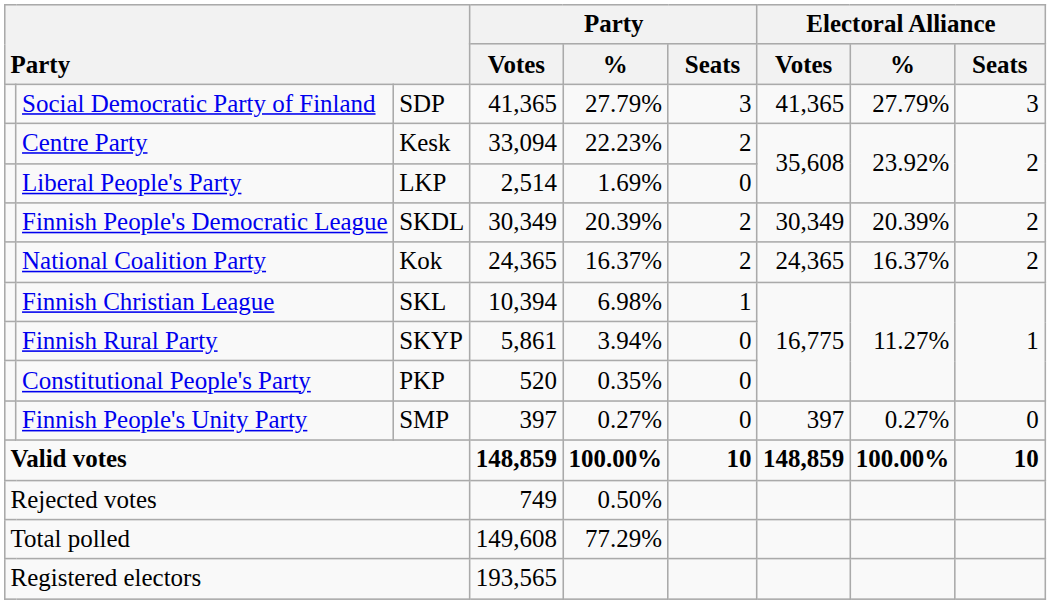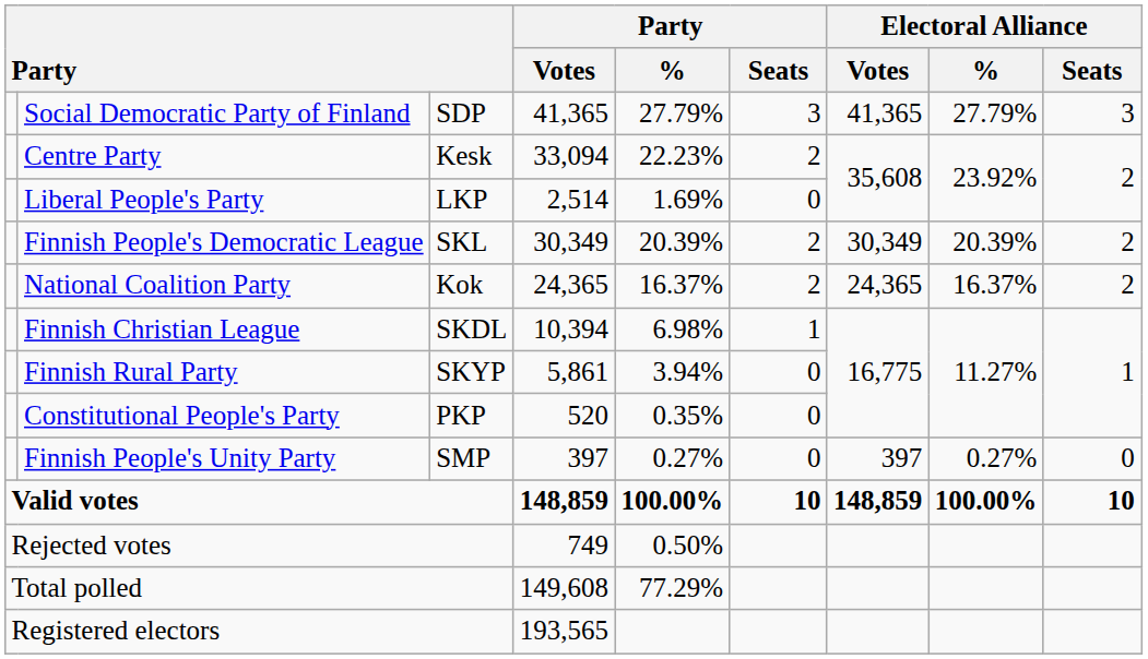 <table class="wikitable" border="1" style="text-align:right;">
 <tr>
 <th style="text-align:left;" valign=bottom rowspan=2 colspan=3>Party</th>
 <th colspan=3>Party</th>
 <th colspan=3>Electoral Alliance</th>
 </tr>
 <tr>
 <th align=center valign=bottom width="50">Votes</th>
 <th align=center valign=bottom width="50">%</th>
 <th align=center valign=bottom width="50">Seats</th>
 <th align=center valign=bottom width="50">Votes</th>
 <th align=center valign=bottom width="50">%</th>
 <th align=center valign=bottom width="50">Seats</th>
 </tr>
 <tr>
 <td></td>
 <td align=left style="white-space: nowrap;"><a href='#'>Social Democratic Party of Finland</a></td>
 <td align=left>SDP</td>
 <td>41,365</td>
 <td>27.79%</td>
 <td>3</td>
 <td>41,365</td>
 <td>27.79%</td>
 <td>3</td>
 </tr>
 <tr>
 <td></td>
 <td align=left><a href='#'>Centre Party</a></td>
 <td align=left>Kesk</td>
 <td>33,094</td>
 <td>22.23%</td>
 <td>2</td>
 <td rowspan=2>35,608</td>
 <td rowspan=2>23.92%</td>
 <td rowspan=2>2</td>
 </tr>
 <tr>
 <td></td>
 <td align=left><a href='#'>Liberal People's Party</a></td>
 <td align=left>LKP</td>
 <td>2,514</td>
 <td>1.69%</td>
 <td>0</td>
 </tr>
 <tr>
 <td></td>
 <td align=left><a href='#'>Finnish People's Democratic League</a></td>
-<td align=left>SKDL</td>
+<td align=left>SKL</td>
 <td>30,349</td>
 <td>20.39%</td>
 <td>2</td>
 <td>30,349</td>
 <td>20.39%</td>
 <td>2</td>
 </tr>
 <tr>
 <td></td>
 <td align=left><a href='#'>National Coalition Party</a></td>
 <td align=left>Kok</td>
 <td>24,365</td>
 <td>16.37%</td>
 <td>2</td>
 <td>24,365</td>
 <td>16.37%</td>
 <td>2</td>
 </tr>
 <tr>
 <td></td>
 <td align=left><a href='#'>Finnish Christian League</a></td>
-<td align=left>SKL</td>
+<td align=left>SKDL</td>
 <td>10,394</td>
 <td>6.98%</td>
 <td>1</td>
 <td rowspan=3>16,775</td>
 <td rowspan=3>11.27%</td>
 <td rowspan=3>1</td>
 </tr>
 <tr>
 <td></td>
 <td align=left><a href='#'>Finnish Rural Party</a></td>
 <td align=left>SKYP</td>
 <td>5,861</td>
 <td>3.94%</td>
 <td>0</td>
 </tr>
 <tr>
 <td></td>
 <td align=left><a href='#'>Constitutional People's Party</a></td>
 <td align=left>PKP</td>
 <td>520</td>
 <td>0.35%</td>
 <td>0</td>
 </tr>
 <tr>
 <td></td>
 <td align=left><a href='#'>Finnish People's Unity Party</a></td>
 <td align=left>SMP</td>
 <td>397</td>
 <td>0.27%</td>
 <td>0</td>
 <td>397</td>
 <td>0.27%</td>
 <td>0</td>
 </tr>
 <tr style="font-weight:bold">
 <td align=left colspan=3>Valid votes</td>
 <td>148,859</td>
 <td>100.00%</td>
 <td>10</td>
 <td>148,859</td>
 <td>100.00%</td>
 <td>10</td>
 </tr>
 <tr>
 <td align=left colspan=3>Rejected votes</td>
 <td>749</td>
 <td>0.50%</td>
 <td></td>
 <td></td>
 <td></td>
 <td></td>
 </tr>
 <tr>
 <td align=left colspan=3>Total polled</td>
 <td>149,608</td>
 <td>77.29%</td>
 <td></td>
 <td></td>
 <td></td>
 <td></td>
 </tr>
 <tr>
 <td align=left colspan=3>Registered electors</td>
 <td>193,565</td>
 <td></td>
 <td></td>
 <td></td>
 <td></td>
 <td></td>
 </tr>
 </table>
